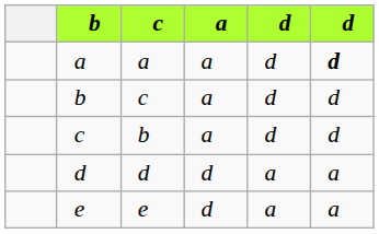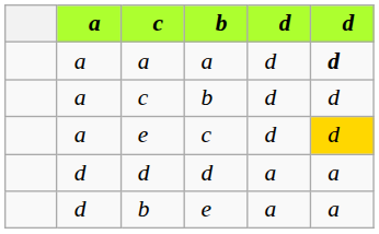 <table class="wikitable" border="1" width="20%" style="margin:1em auto;">
 <tr>
 <th>   </th>
+<th style="background:#ADFF2F">  <em>a</em></th>
+<th style="background:#ADFF2F">  <em>c</em></th>
 <th style="background:#ADFF2F">  <em>b</em></th>
-<th style="background:#ADFF2F">  <em>c</em></th>
-<th style="background:#ADFF2F">  <em>a</em></th>
 <th style="background:#ADFF2F">  <em>d</em></th>
 <th style="background:#ADFF2F">  <em>d</em></th>
 </tr>
 <tr>
 <td></td>
 <td>  <em>a</em></td>
 <td>  <em>a</em></td>
 <td>  <em>a</em></td>
 <td>  <em>d</em></td>
 <td><strong>  <em>d</em></strong></td>
 </tr>
 <tr>
 <td></td>
+<td>  <em>a</em></td>
+<td>  <em>c</em></td>
 <td>  <em>b</em></td>
-<td>  <em>c</em></td>
-<td>  <em>a</em></td>
 <td>  <em>d</em></td>
 <td>  <em>d</em></td>
 </tr>
 <tr>
 <td></td>
+<td>  <em>a</em></td>
+<td>  <em>e</em></td>
 <td>  <em>c</em></td>
-<td>  <em>b</em></td>
-<td>  <em>a</em></td>
 <td>  <em>d</em></td>
-<td>  <em>d</em></td>
+<td style="background: gold;">  <em>d</em></td>
 </tr>
 <tr>
 <td></td>
 <td>  <em>d</em></td>
 <td>  <em>d</em></td>
 <td>  <em>d</em></td>
 <td>  <em>a</em></td>
 <td>  <em>a</em></td>
 </tr>
 <tr>
 <td></td>
+<td>  <em>d</em></td>
+<td>  <em>b</em></td>
 <td>  <em>e</em></td>
-<td>  <em>e</em></td>
-<td>  <em>d</em></td>
 <td>  <em>a</em></td>
 <td>  <em>a</em></td>
 </tr>
 </table>
